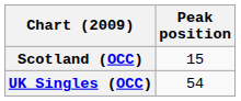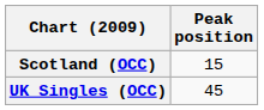 <table class="wikitable sortable plainrowheaders" style="text-align:center">
 <tr>
 <th scope="col">Chart (2009)</th>
 <th scope="col">Peak<br>position</th>
 </tr>
 <tr>
 <th scope="row">Scotland (<a href='#'>OCC</a>)</th>
 <td>15</td>
 </tr>
 <tr>
 <th scope="row"><a href='#'>UK Singles</a> (<a href='#'>OCC</a>)</th>
-<td>54</td>
+<td>45</td>
 </tr>
 </table>
